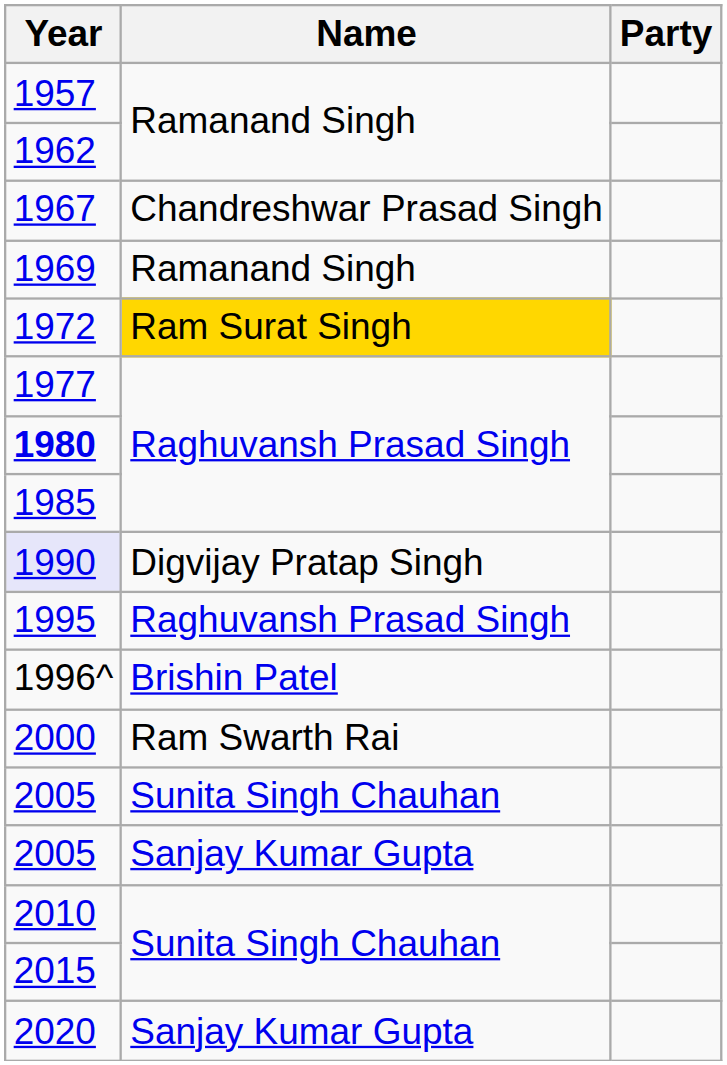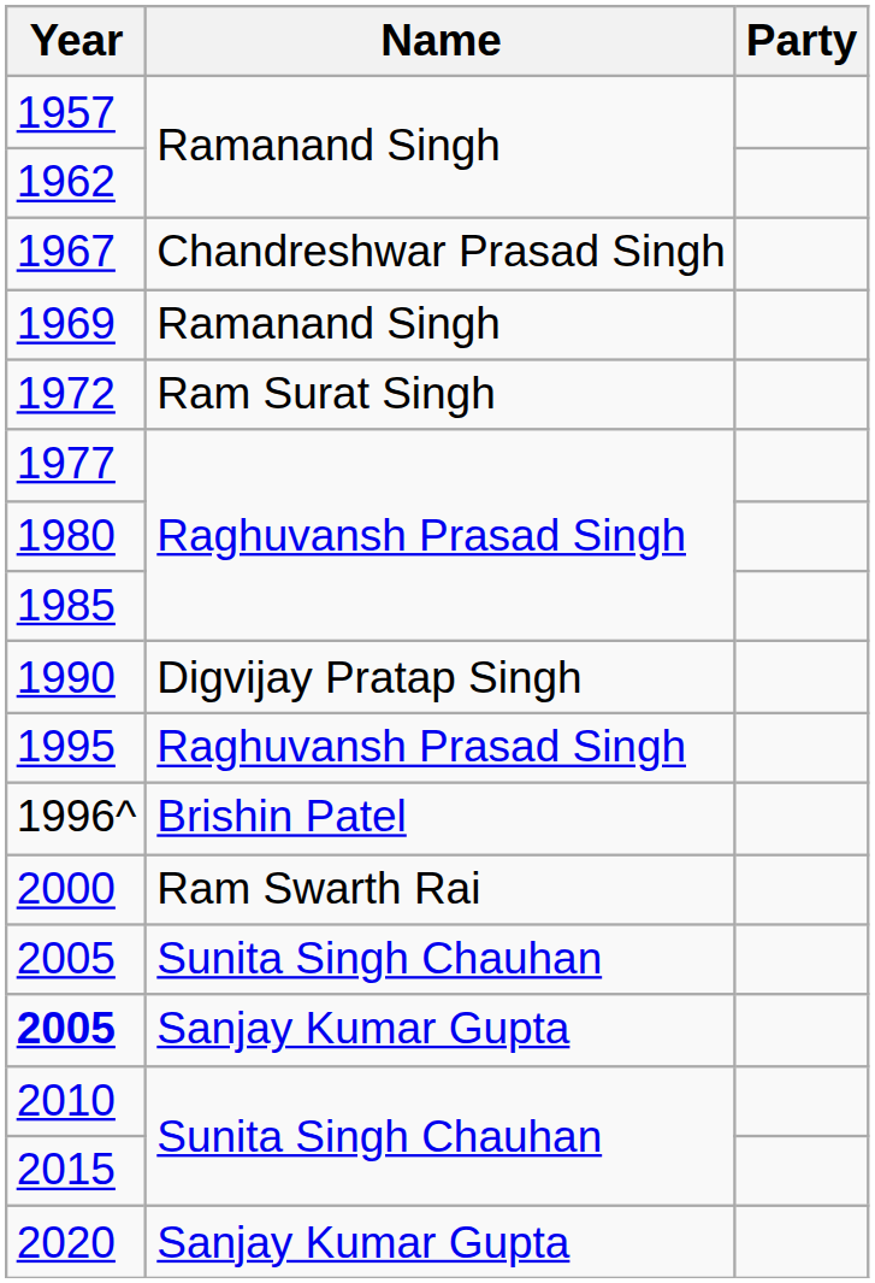 <table class="wikitable sortable">
 <tr>
 <th>Year</th>
 <th>Name</th>
 <th colspan="2">Party</th>
 </tr>
 <tr>
 <td><a href='#'>1957</a></td>
 <td rowspan="2">Ramanand Singh</td>
 <td></td>
 </tr>
 <tr>
 <td><a href='#'>1962</a></td>
 </tr>
 <tr>
 <td><a href='#'>1967</a></td>
 <td>Chandreshwar Prasad Singh</td>
 <td></td>
 </tr>
 <tr>
 <td><a href='#'>1969</a></td>
 <td>Ramanand Singh</td>
 <td></td>
 </tr>
 <tr>
 <td><a href='#'>1972</a></td>
-<td style="background: gold;">Ram Surat Singh</td>
+<td>Ram Surat Singh</td>
 <td></td>
 </tr>
 <tr>
 <td><a href='#'>1977</a></td>
 <td rowspan="3"><a href='#'>Raghuvansh Prasad Singh</a></td>
 <td></td>
 </tr>
 <tr>
-<td><strong><a href='#'>1980</a></strong></td>
+<td><a href='#'>1980</a></td>
 <td></td>
 </tr>
 <tr>
 <td><a href='#'>1985</a></td>
 <td></td>
 </tr>
 <tr>
-<td style="background: lavender;"><a href='#'>1990</a></td>
+<td><a href='#'>1990</a></td>
 <td>Digvijay Pratap Singh</td>
 <td></td>
 </tr>
 <tr>
 <td><a href='#'>1995</a></td>
 <td><a href='#'>Raghuvansh Prasad Singh</a></td>
 <td></td>
 </tr>
 <tr>
 <td>1996^</td>
 <td><a href='#'>Brishin Patel</a></td>
 <td></td>
 </tr>
 <tr>
 <td><a href='#'>2000</a></td>
 <td>Ram Swarth Rai</td>
 <td></td>
 </tr>
 <tr>
 <td><a href='#'>2005</a></td>
 <td><a href='#'>Sunita Singh Chauhan</a></td>
 <td></td>
 </tr>
 <tr>
-<td><a href='#'>2005</a></td>
+<td><strong><a href='#'>2005</a></strong></td>
 <td><a href='#'>Sanjay Kumar Gupta</a></td>
 <td></td>
 </tr>
 <tr>
 <td><a href='#'>2010</a></td>
 <td rowspan="2"><a href='#'>Sunita Singh Chauhan</a></td>
 <td></td>
 </tr>
 <tr>
 <td><a href='#'>2015</a></td>
 </tr>
 <tr>
 <td><a href='#'>2020</a></td>
 <td><a href='#'>Sanjay Kumar Gupta</a></td>
 <td></td>
 </tr>
 </table>
